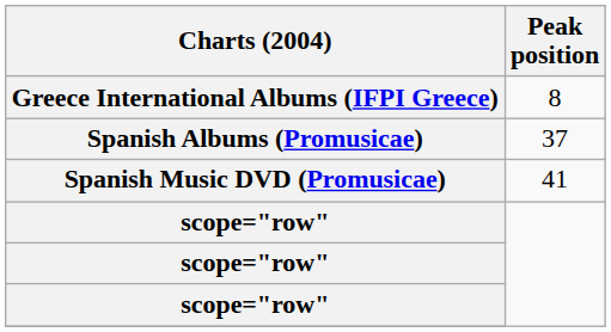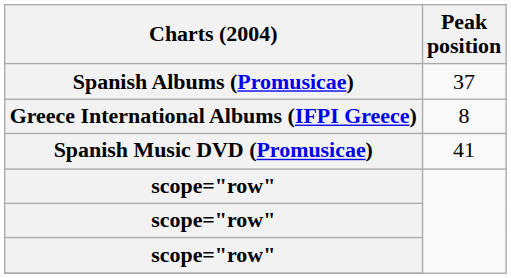 <table class="wikitable sortable plainrowheaders">
 <tr>
 <th scope="col">Charts (2004)</th>
 <th scope="col">Peak<br>position</th>
 </tr>
 <tr>
+<th scope="row">Spanish Albums (<a href='#'>Promusicae</a>)</th>
+<td style="text-align:center;">37</td>
+</tr>
+<tr>
 <th scope="row">Greece International Albums (<a href='#'>IFPI Greece</a>)</th>
 <td style="text-align:center;">8</td>
-</tr>
-<tr>
-<th scope="row">Spanish Albums (<a href='#'>Promusicae</a>)</th>
-<td style="text-align:center;">37</td>
 </tr>
 <tr>
 <th scope="row">Spanish Music DVD (<a href='#'>Promusicae</a>)</th>
 <td style="text-align:center;">41</td>
 </tr>
 <tr>
 <th>scope="row"</th>
 </tr>
 <tr>
 <th>scope="row"</th>
 </tr>
 <tr>
 <th>scope="row"</th>
 </tr>
 <tr>
 </tr>
 </table>
